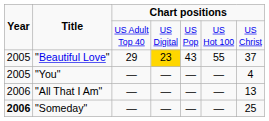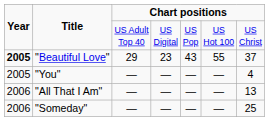 <table class="wikitable"  style="text-align:center">
 <tr>
 <td rowspan="2"><strong>Year</strong></td>
 <td rowspan="2"><strong>Title</strong></td>
 <td colspan="6"><strong>Chart positions</strong></td>
 </tr>
 <tr>
 <td><small><a href='#'>US Adult<br>Top 40</a></small></td>
 <td><small><a href='#'>US<br>Digital</a></small></td>
 <td><small><a href='#'>US<br>Pop</a></small></td>
 <td><small><a href='#'>US<br>Hot 100</a></small></td>
 <td><small><a href='#'>US<br>Christ</a></small></td>
 </tr>
 <tr>
-<td>2005</td>
+<td><strong>2005</strong></td>
 <td style="text-align:left">"<a href='#'>Beautiful Love</a>"</td>
 <td>29</td>
-<td style="background: gold;">23</td>
+<td>23</td>
 <td>43</td>
 <td>55</td>
 <td>37</td>
 </tr>
 <tr>
 <td>2005</td>
 <td style="text-align:left">"You"</td>
 <td>—</td>
 <td>—</td>
 <td>—</td>
 <td>—</td>
 <td>4</td>
 </tr>
 <tr>
 <td>2006</td>
 <td style="text-align:left">"All That I Am"</td>
 <td>—</td>
 <td>—</td>
 <td>—</td>
 <td>—</td>
 <td>13</td>
 </tr>
 <tr>
-<td><strong>2006</strong></td>
+<td>2006</td>
 <td style="text-align:left">"Someday"</td>
 <td>—</td>
 <td>—</td>
 <td>—</td>
 <td>—</td>
 <td>25</td>
 </tr>
 </table>
